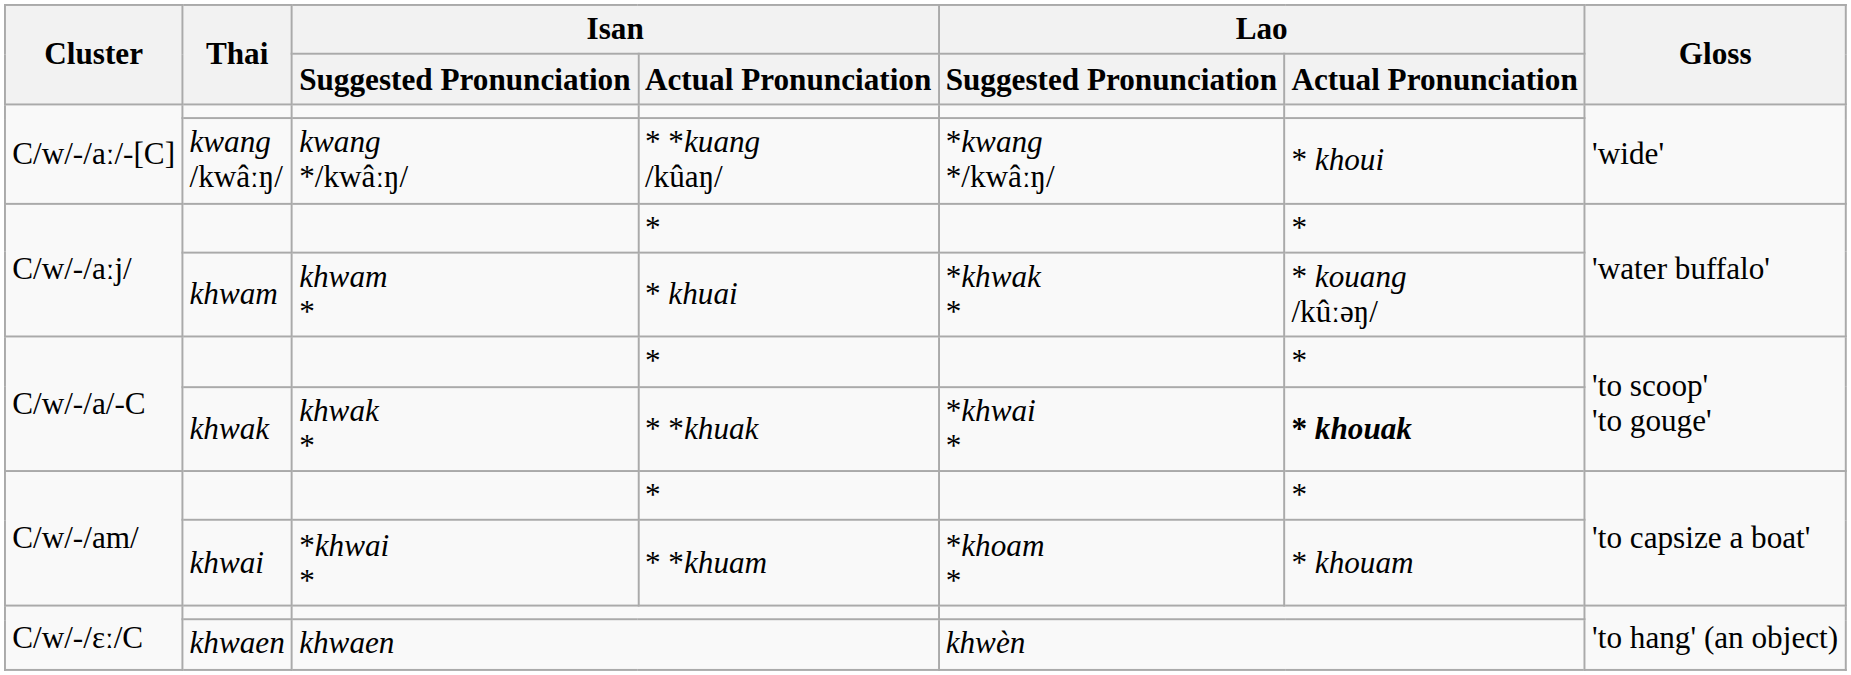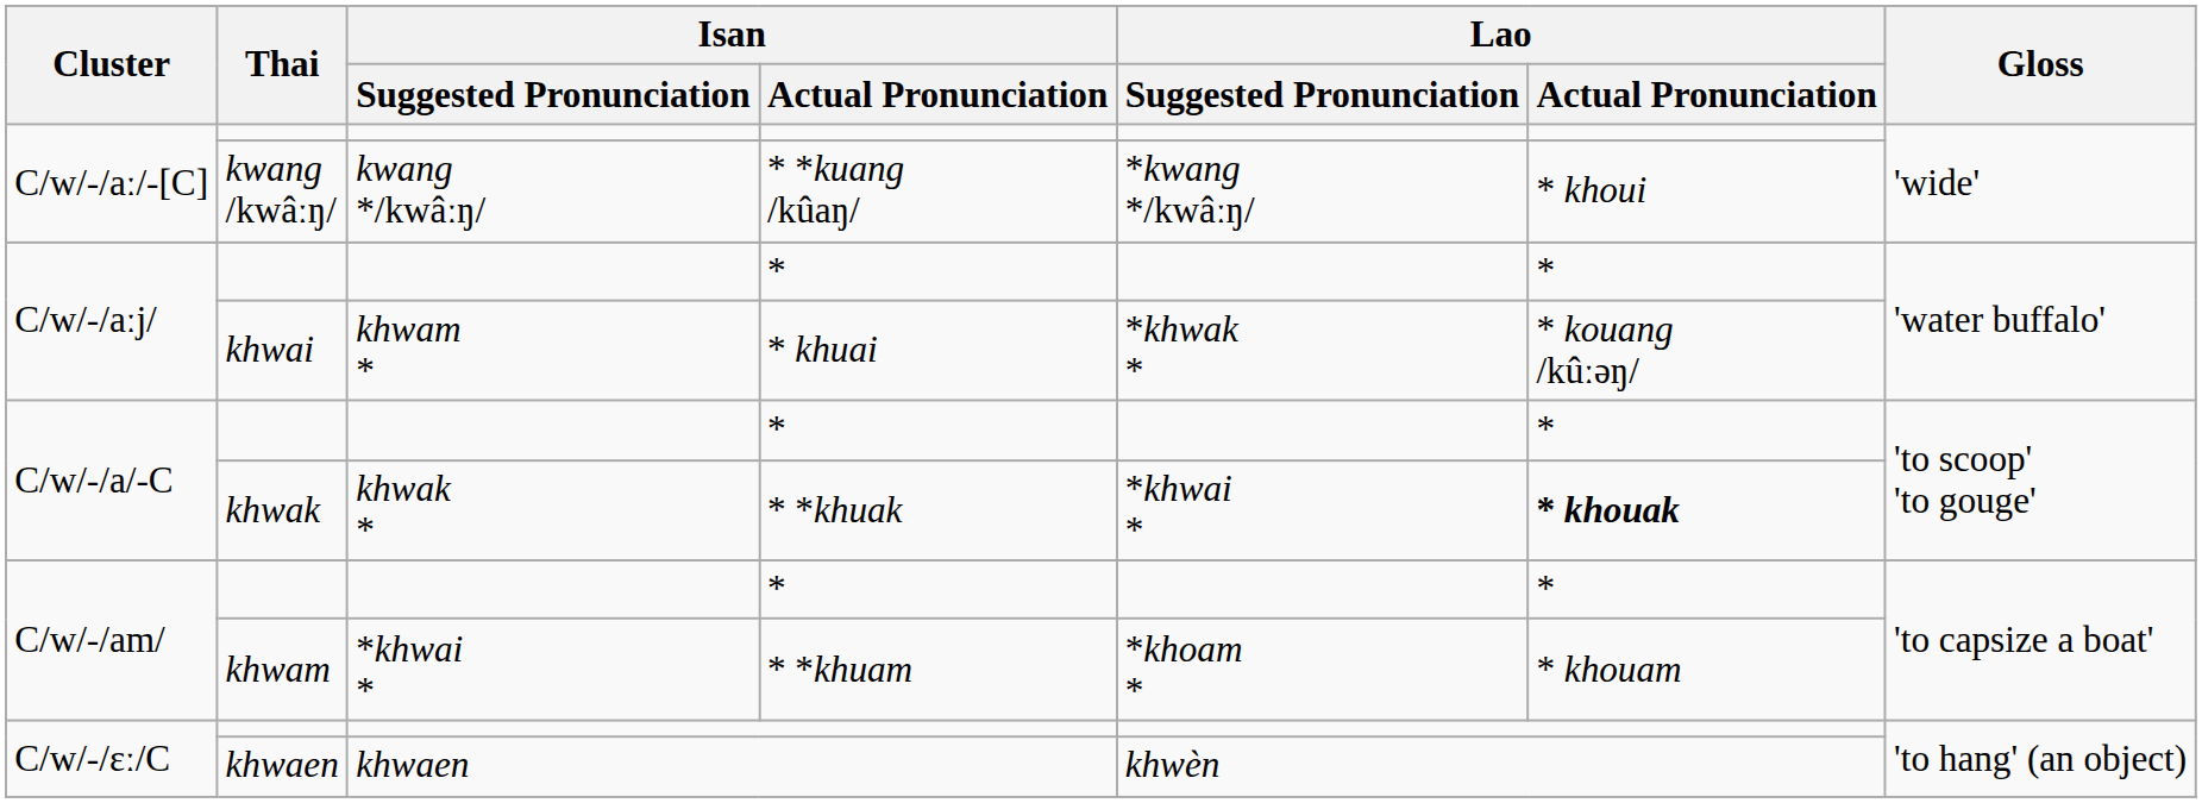 <table class="wikitable">
 <tr>
 <th rowspan="2">Cluster</th>
 <th rowspan="2">Thai</th>
 <th colspan="2">Isan</th>
 <th colspan="2">Lao</th>
 <th rowspan="2">Gloss</th>
 </tr>
 <tr>
 <th>Suggested Pronunciation</th>
 <th>Actual Pronunciation</th>
 <th>Suggested Pronunciation</th>
 <th>Actual Pronunciation</th>
 </tr>
 <tr>
 <td rowspan="2">C/w/-/aː/-[C]</td>
 <td></td>
 <td></td>
 <td></td>
 <td></td>
 <td></td>
 <td rowspan="2">'wide'</td>
 </tr>
 <tr>
 <td> <em>kwang</em><br>/kwâːŋ/</td>
 <td> <em>kwang</em><br>*/kwâːŋ/</td>
 <td>* *<em>kuang</em><br>/kûaŋ/</td>
 <td> *<em>kwang</em><br>*/kwâːŋ/</td>
 <td>* <em>khoui</em><br></td>
 </tr>
 <tr>
 <td rowspan="2">C/w/-/aːj/</td>
 <td></td>
 <td></td>
 <td>*</td>
 <td></td>
 <td>*</td>
 <td rowspan="2">'water buffalo'</td>
 </tr>
 <tr>
-<td> <em>khwam</em><br></td>
+<td> <em>khwai</em><br></td>
 <td> <em>khwam</em><br>*</td>
 <td>* <em>khuai</em><br></td>
 <td> *<em>khwak</em><br>*</td>
 <td>* <em>kouang</em><br>/kûːəŋ/</td>
 </tr>
 <tr>
 <td rowspan="2">C/w/-/a/-C</td>
 <td></td>
 <td></td>
 <td>*</td>
 <td></td>
 <td>*</td>
 <td rowspan="2">'to scoop'<br>'to gouge'</td>
 </tr>
 <tr>
 <td> <em>khwak</em><br></td>
 <td> <em>khwak</em><br>*</td>
 <td>* *<em>khuak</em><br></td>
 <td> *<em>khwai</em><br>*</td>
 <td><strong>* <em>khouak</em><br></strong></td>
 </tr>
 <tr>
 <td rowspan="2">C/w/-/am/</td>
 <td></td>
 <td></td>
 <td>*</td>
 <td></td>
 <td>*</td>
 <td rowspan="2">'to capsize a boat'</td>
 </tr>
 <tr>
-<td> <em>khwai</em><br></td>
+<td> <em>khwam</em><br></td>
 <td> *<em>khwai</em><br>*</td>
 <td>* *<em>khuam</em><br></td>
 <td> *<em>khoam</em><br>*</td>
 <td>* <em>khouam</em><br></td>
 </tr>
 <tr>
 <td rowspan="2">C/w/-/ɛː/C</td>
 <td></td>
 <td colspan="2"></td>
 <td colspan="2"></td>
 <td rowspan="2">'to hang' (an object)</td>
 </tr>
 <tr>
 <td> <em>khwaen</em><br></td>
 <td colspan="2"> <em>khwaen</em><br></td>
 <td colspan="2"> <em>khwèn</em><br></td>
 </tr>
 </table>
